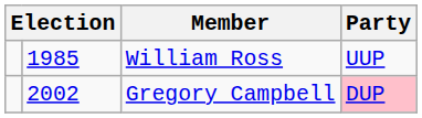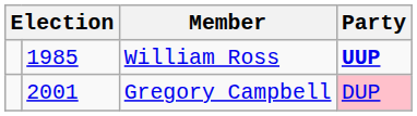 <table class="wikitable">
 <tr>
 <th colspan="2">Election</th>
 <th>Member</th>
 <th>Party</th>
 </tr>
 <tr>
 <td style="color:inherit;background-color: "></td>
 <td><a href='#'>1985</a></td>
 <td><a href='#'>William Ross</a></td>
-<td><a href='#'>UUP</a></td>
+<td><strong><a href='#'>UUP</a></strong></td>
 </tr>
 <tr>
 <td style="color:inherit;background-color: "></td>
-<td><a href='#'>2002</a></td>
+<td><a href='#'>2001</a></td>
 <td><a href='#'>Gregory Campbell</a></td>
 <td style="background: pink;"><a href='#'>DUP</a></td>
 </tr>
 </table>
